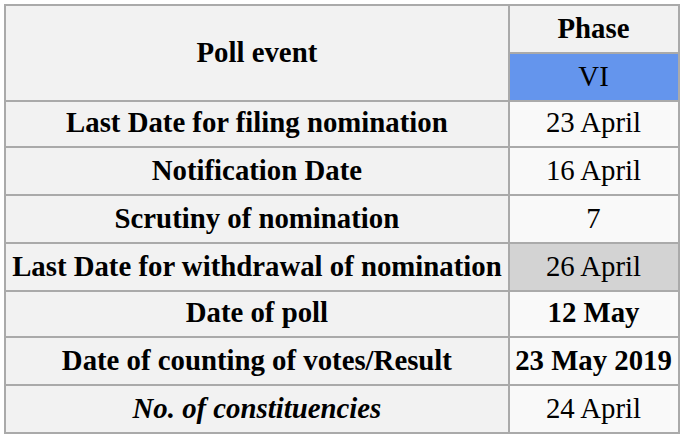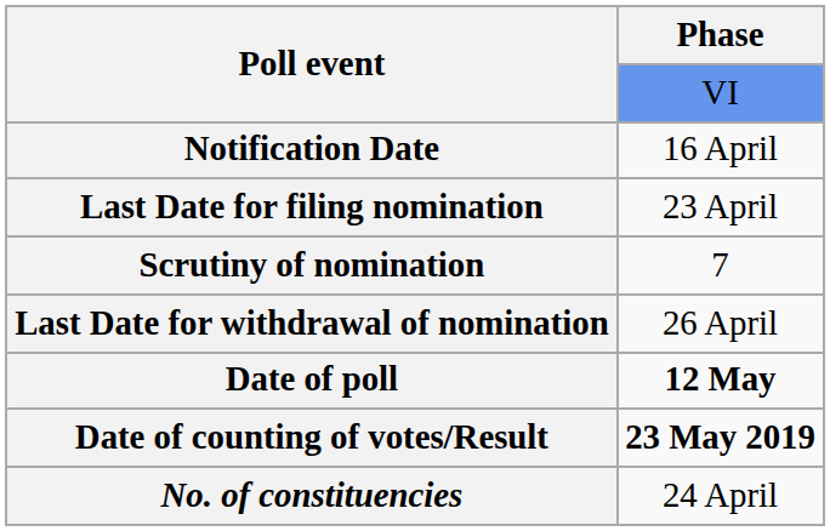 <table class="wikitable" style="text-align:center;margin:auto;font-size:90%;">
 <tr>
 <th rowspan=2>Poll event</th>
 <th>Phase</th>
 </tr>
 <tr>
 <td bgcolor=#6495ED>VI</td>
 </tr>
 <tr>
+<th>Notification Date</th>
+<td>16 April</td>
+</tr>
+<tr>
 <th>Last Date for filing nomination</th>
 <td>23 April</td>
-</tr>
-<tr>
-<th>Notification Date</th>
-<td>16 April</td>
 </tr>
 <tr>
 <th>Scrutiny of nomination</th>
 <td>7</td>
 </tr>
 <tr>
 <th>Last Date for withdrawal of nomination</th>
-<td style="background: lightgrey;">26 April</td>
+<td>26 April</td>
 </tr>
 <tr>
 <th>Date of poll</th>
 <td><strong>12 May</strong></td>
 </tr>
 <tr>
 <th>Date of counting of votes/Result</th>
 <td><strong>23 May 2019</strong></td>
 </tr>
 <tr>
 <th><strong><em>No. of constituencies</em></strong></th>
 <td>24 April</td>
 </tr>
 </table>
